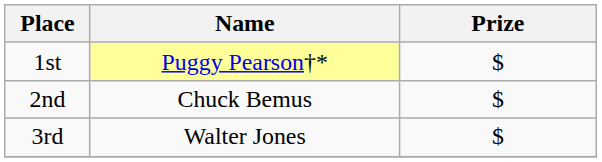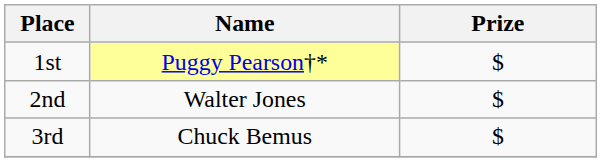 <table class="wikitable">
 <tr>
 <th width="50">Place</th>
 <th width="200">Name</th>
 <th width="125">Prize</th>
 </tr>
 <tr>
 <td align = "center">1st</td>
 <td align = "center" bgcolor="#FFFF99"><a href='#'>Puggy Pearson</a>†*</td>
 <td align = "center">$</td>
 </tr>
 <tr>
 <td align = "center">2nd</td>
-<td align = "center">Chuck Bemus</td>
+<td align = "center">Walter Jones</td>
 <td align = "center">$</td>
 </tr>
 <tr>
 <td align = "center">3rd</td>
-<td align = "center">Walter Jones</td>
+<td align = "center">Chuck Bemus</td>
 <td align = "center">$</td>
 </tr>
 <tr>
 </tr>
 </table>
